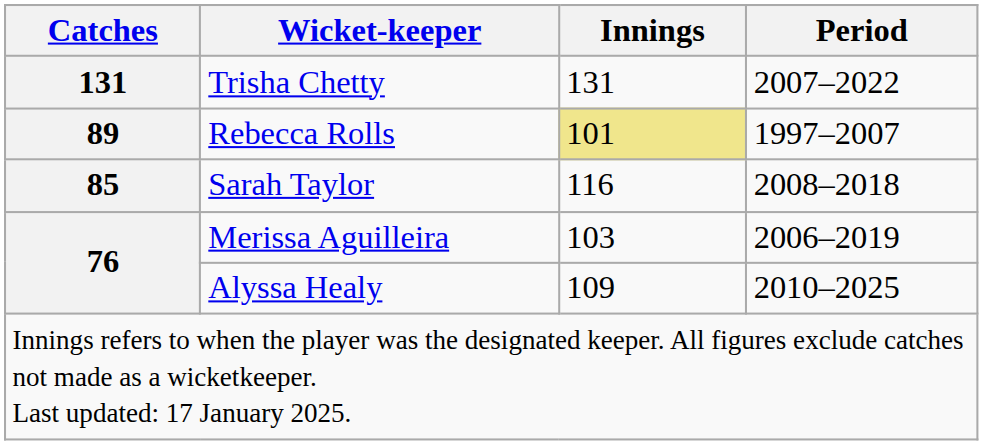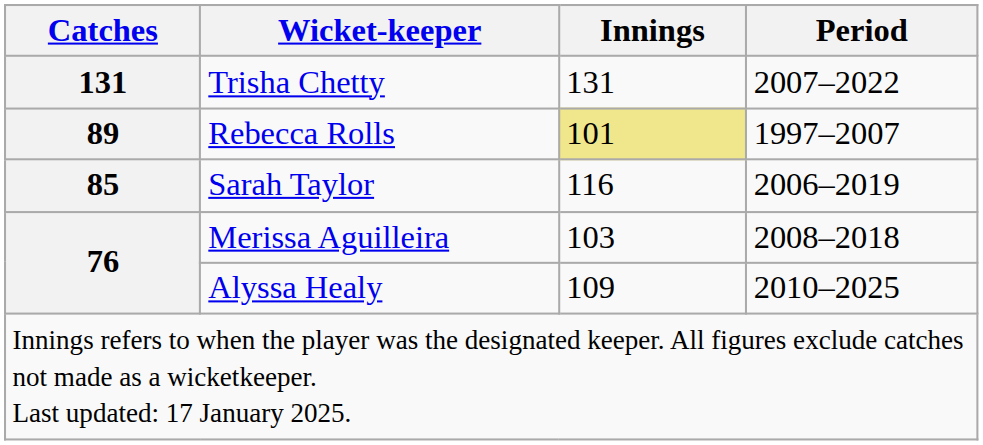 <table class="wikitable defaultcenter col2left" style="max-width:30em">
 <tr>
 <th scope="col"><a href='#'>Catches</a></th>
 <th scope="col"><a href='#'>Wicket-keeper</a></th>
 <th scope="col">Innings</th>
 <th scope="col">Period</th>
 </tr>
 <tr>
 <th scope="row">131</th>
 <td> <a href='#'>Trisha Chetty</a></td>
 <td>131</td>
 <td>2007–2022</td>
 </tr>
 <tr>
 <th scope="row">89</th>
 <td> <a href='#'>Rebecca Rolls</a></td>
 <td style="background: khaki;">101</td>
 <td>1997–2007</td>
 </tr>
 <tr>
 <th scope="row">85</th>
 <td> <a href='#'>Sarah Taylor</a></td>
 <td>116</td>
-<td>2008–2018</td>
+<td>2006–2019</td>
 </tr>
 <tr>
 <th scope="row" rowspan=2>76</th>
 <td> <a href='#'>Merissa Aguilleira</a></td>
 <td>103</td>
-<td>2006–2019</td>
+<td>2008–2018</td>
 </tr>
 <tr>
 <td> <a href='#'>Alyssa Healy</a></td>
 <td>109</td>
 <td>2010–2025</td>
 </tr>
 <tr>
 <td scope="row" colspan=4 style="text-align:left;"><small>Innings refers to when the player was the designated keeper. All figures exclude catches not made as a wicketkeeper.</small><br><small>Last updated: 17 January 2025.</small></td>
 </tr>
 </table>
